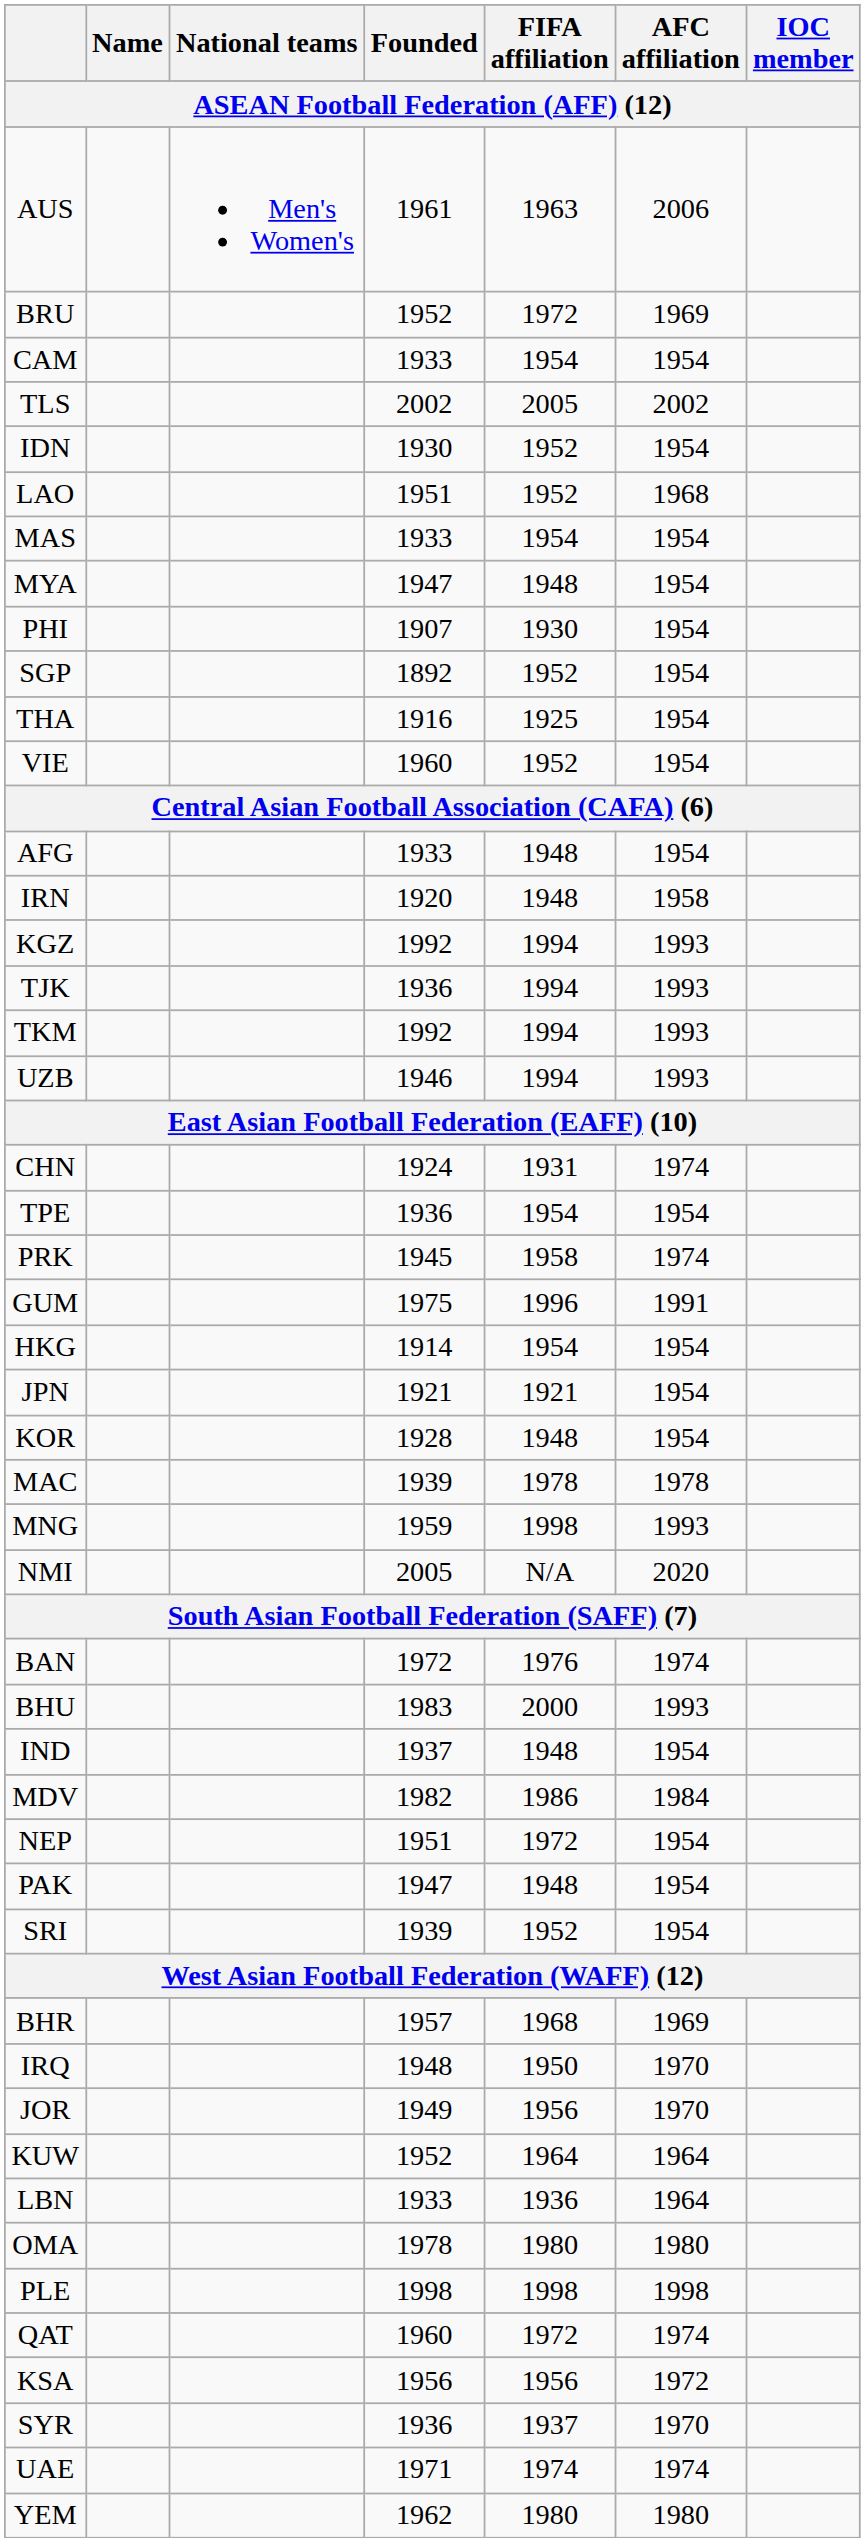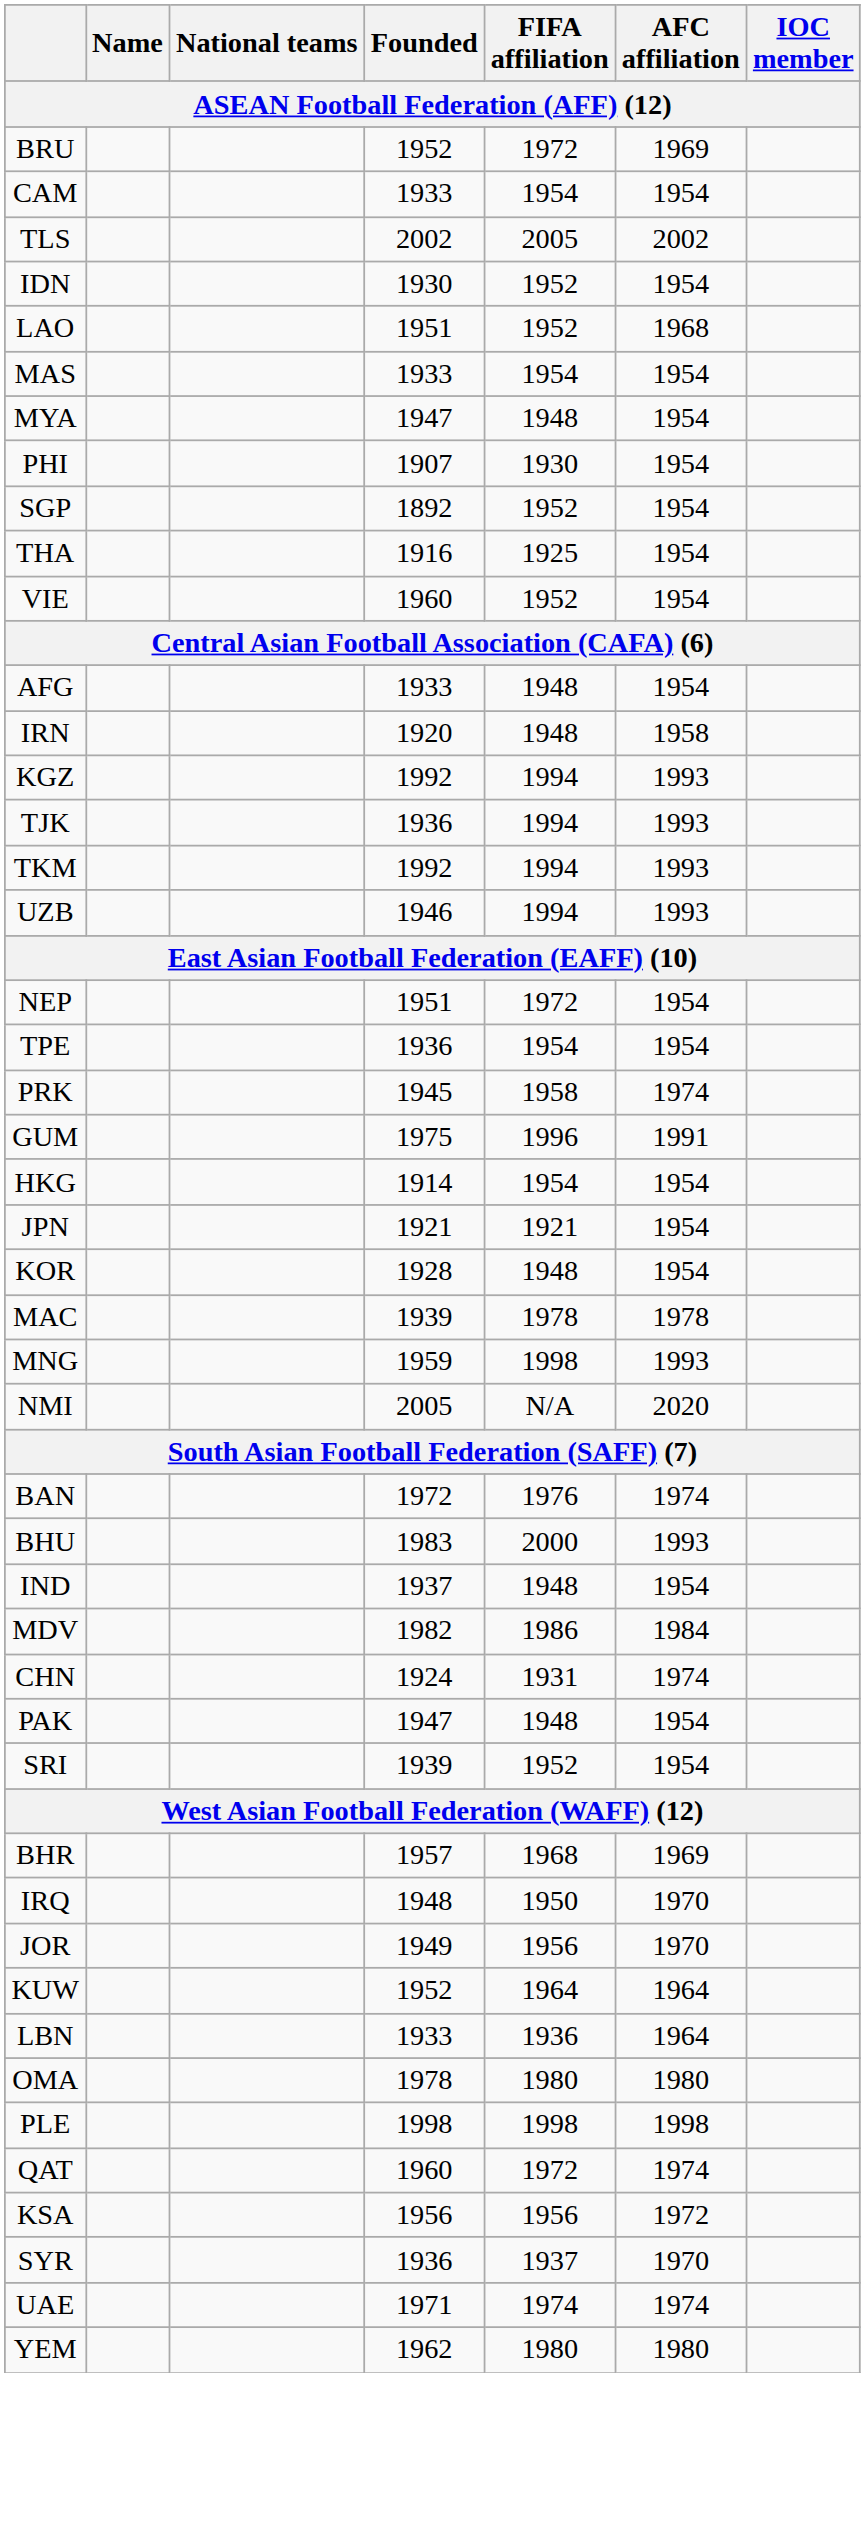 <table class="wikitable sortable" style="text-align:center;">
 <tr>
 <th><a href='#'></a></th>
 <th>Name</th>
 <th class="unsortable">National teams</th>
 <th>Founded</th>
 <th>FIFA<br>affiliation</th>
 <th>AFC<br>affiliation</th>
 <th><a href='#'>IOC</a><br><a href='#'>member</a></th>
 </tr>
 <tr>
 <th colspan="7"><a href='#'>ASEAN Football Federation (AFF)</a> (12)</th>
-</tr>
-<tr>
-<td>AUS</td>
-<td style="text-align:left;"></td>
-<td><ul><br><li><a href='#'>Men's</a></li> <li><a href='#'>Women's</a></li> </ul></td>
-<td>1961</td>
-<td>1963</td>
-<td>2006</td>
-<td></td>
 </tr>
 <tr>
 <td>BRU</td>
 <td style="text-align:left;"></td>
 <td></td>
 <td>1952</td>
 <td>1972</td>
 <td>1969</td>
 <td></td>
 </tr>
 <tr>
 <td>CAM</td>
 <td style="text-align:left;"></td>
 <td></td>
 <td>1933</td>
 <td>1954</td>
 <td>1954</td>
 <td></td>
 </tr>
 <tr>
 <td>TLS</td>
 <td style="text-align:left;"></td>
 <td></td>
 <td>2002</td>
 <td>2005</td>
 <td>2002</td>
 <td></td>
 </tr>
 <tr>
 <td>IDN</td>
 <td style="text-align:left;"></td>
 <td></td>
 <td>1930</td>
 <td>1952</td>
 <td>1954</td>
 <td></td>
 </tr>
 <tr>
 <td>LAO</td>
 <td style="text-align:left;"></td>
 <td></td>
 <td>1951</td>
 <td>1952</td>
 <td>1968</td>
 <td></td>
 </tr>
 <tr>
 <td>MAS</td>
 <td style="text-align:left;"></td>
 <td></td>
 <td>1933</td>
 <td>1954</td>
 <td>1954</td>
 <td></td>
 </tr>
 <tr>
 <td>MYA</td>
 <td style="text-align:left;"></td>
 <td></td>
 <td>1947</td>
 <td>1948</td>
 <td>1954</td>
 <td></td>
 </tr>
 <tr>
 <td>PHI</td>
 <td style="text-align:left;"></td>
 <td></td>
 <td>1907</td>
 <td>1930</td>
 <td>1954</td>
 <td></td>
 </tr>
 <tr>
 <td>SGP</td>
 <td style="text-align:left;"></td>
 <td></td>
 <td>1892</td>
 <td>1952</td>
 <td>1954</td>
 <td></td>
 </tr>
 <tr>
 <td>THA</td>
 <td style="text-align:left;"></td>
 <td></td>
 <td>1916</td>
 <td>1925</td>
 <td>1954</td>
 <td></td>
 </tr>
 <tr>
 <td>VIE</td>
 <td style="text-align:left;"></td>
 <td></td>
 <td>1960</td>
 <td>1952</td>
 <td>1954</td>
 <td></td>
 </tr>
 <tr>
 <th colspan="7"><a href='#'>Central Asian Football Association (CAFA)</a> (6)</th>
 </tr>
 <tr>
 <td>AFG</td>
 <td style="text-align:left;"></td>
 <td></td>
 <td>1933</td>
 <td>1948</td>
 <td>1954</td>
 <td></td>
 </tr>
 <tr>
 <td>IRN</td>
 <td style="text-align:left;"></td>
 <td></td>
 <td>1920</td>
 <td>1948</td>
 <td>1958</td>
 <td></td>
 </tr>
 <tr>
 <td>KGZ</td>
 <td style="text-align:left;"></td>
 <td></td>
 <td>1992</td>
 <td>1994</td>
 <td>1993</td>
 <td></td>
 </tr>
 <tr>
 <td>TJK</td>
 <td style="text-align:left;"></td>
 <td></td>
 <td>1936</td>
 <td>1994</td>
 <td>1993</td>
 <td></td>
 </tr>
 <tr>
 <td>TKM</td>
 <td style="text-align:left;"></td>
 <td></td>
 <td>1992</td>
 <td>1994</td>
 <td>1993</td>
 <td></td>
 </tr>
 <tr>
 <td>UZB</td>
 <td style="text-align:left;"></td>
 <td></td>
 <td>1946</td>
 <td>1994</td>
 <td>1993</td>
 <td></td>
 </tr>
 <tr>
 <th colspan="7"><a href='#'>East Asian Football Federation (EAFF)</a> (10)</th>
 </tr>
 <tr>
-<td>CHN</td>
+<td>NEP</td>
 <td style="text-align:left;"></td>
 <td></td>
-<td>1924</td>
-<td>1931</td>
-<td>1974</td>
+<td>1951</td>
+<td>1972</td>
+<td>1954</td>
 <td></td>
 </tr>
 <tr>
 <td>TPE</td>
 <td style="text-align:left;"></td>
 <td></td>
 <td>1936</td>
 <td>1954</td>
 <td>1954</td>
 <td></td>
 </tr>
 <tr>
 <td>PRK</td>
 <td style="text-align:left;"></td>
 <td></td>
 <td>1945</td>
 <td>1958</td>
 <td>1974</td>
 <td></td>
 </tr>
 <tr>
 <td>GUM</td>
 <td style="text-align:left;"></td>
 <td></td>
 <td>1975</td>
 <td>1996</td>
 <td>1991</td>
 <td></td>
 </tr>
 <tr>
 <td>HKG</td>
 <td style="text-align:left;"></td>
 <td></td>
 <td>1914</td>
 <td>1954</td>
 <td>1954</td>
 <td></td>
 </tr>
 <tr>
 <td>JPN</td>
 <td style="text-align:left;"></td>
 <td></td>
 <td>1921</td>
 <td>1921</td>
 <td>1954</td>
 <td></td>
 </tr>
 <tr>
 <td>KOR</td>
 <td style="text-align:left;"></td>
 <td></td>
 <td>1928</td>
 <td>1948</td>
 <td>1954</td>
 <td></td>
 </tr>
 <tr>
 <td>MAC</td>
 <td style="text-align:left;"></td>
 <td></td>
 <td>1939</td>
 <td>1978</td>
 <td>1978</td>
 <td></td>
 </tr>
 <tr>
 <td>MNG</td>
 <td style="text-align:left;"></td>
 <td></td>
 <td>1959</td>
 <td>1998</td>
 <td>1993</td>
 <td></td>
 </tr>
 <tr>
 <td>NMI</td>
 <td style="text-align:left;"></td>
 <td></td>
 <td>2005</td>
 <td>N/A</td>
 <td>2020</td>
 <td></td>
 </tr>
 <tr>
 <th colspan="7"><a href='#'>South Asian Football Federation (SAFF)</a> (7)</th>
 </tr>
 <tr>
 <td>BAN</td>
 <td style="text-align:left;"></td>
 <td></td>
 <td>1972</td>
 <td>1976</td>
 <td>1974</td>
 <td></td>
 </tr>
 <tr>
 <td>BHU</td>
 <td style="text-align:left;"></td>
 <td></td>
 <td>1983</td>
 <td>2000</td>
 <td>1993</td>
 <td></td>
 </tr>
 <tr>
 <td>IND</td>
 <td style="text-align:left;"></td>
 <td></td>
 <td>1937</td>
 <td>1948</td>
 <td>1954</td>
 <td></td>
 </tr>
 <tr>
 <td>MDV</td>
 <td style="text-align:left;"></td>
 <td></td>
 <td>1982</td>
 <td>1986</td>
 <td>1984</td>
 <td></td>
 </tr>
 <tr>
-<td>NEP</td>
+<td>CHN</td>
 <td style="text-align:left;"></td>
 <td></td>
-<td>1951</td>
-<td>1972</td>
-<td>1954</td>
+<td>1924</td>
+<td>1931</td>
+<td>1974</td>
 <td></td>
 </tr>
 <tr>
 <td>PAK</td>
 <td style="text-align:left;"></td>
 <td></td>
 <td>1947</td>
 <td>1948</td>
 <td>1954</td>
 <td></td>
 </tr>
 <tr>
 <td>SRI</td>
 <td style="text-align:left;"></td>
 <td></td>
 <td>1939</td>
 <td>1952</td>
 <td>1954</td>
 <td></td>
 </tr>
 <tr>
 <th colspan="7"><a href='#'>West Asian Football Federation (WAFF)</a> (12)</th>
 </tr>
 <tr>
 <td>BHR</td>
 <td style="text-align:left;"></td>
 <td></td>
 <td>1957</td>
 <td>1968</td>
 <td>1969</td>
 <td></td>
 </tr>
 <tr>
 <td>IRQ</td>
 <td style="text-align:left;"></td>
 <td></td>
 <td>1948</td>
 <td>1950</td>
 <td>1970</td>
 <td></td>
 </tr>
 <tr>
 <td>JOR</td>
 <td style="text-align:left;"></td>
 <td></td>
 <td>1949</td>
 <td>1956</td>
 <td>1970</td>
 <td></td>
 </tr>
 <tr>
 <td>KUW</td>
 <td style="text-align:left;"></td>
 <td></td>
 <td>1952</td>
 <td>1964</td>
 <td>1964</td>
 <td></td>
 </tr>
 <tr>
 <td>LBN</td>
 <td style="text-align:left;"></td>
 <td></td>
 <td>1933</td>
 <td>1936</td>
 <td>1964</td>
 <td></td>
 </tr>
 <tr>
 <td>OMA</td>
 <td style="text-align:left;"></td>
 <td></td>
 <td>1978</td>
 <td>1980</td>
 <td>1980</td>
 <td></td>
 </tr>
 <tr>
 <td>PLE</td>
 <td style="text-align:left;"></td>
 <td></td>
 <td>1998</td>
 <td>1998</td>
 <td>1998</td>
 <td></td>
 </tr>
 <tr>
 <td>QAT</td>
 <td style="text-align:left;"></td>
 <td></td>
 <td>1960</td>
 <td>1972</td>
 <td>1974</td>
 <td></td>
 </tr>
 <tr>
 <td>KSA</td>
 <td style="text-align:left;"></td>
 <td></td>
 <td>1956</td>
 <td>1956</td>
 <td>1972</td>
 <td></td>
 </tr>
 <tr>
 <td>SYR</td>
 <td style="text-align:left;"></td>
 <td></td>
 <td>1936</td>
 <td>1937</td>
 <td>1970</td>
 <td></td>
 </tr>
 <tr>
 <td>UAE</td>
 <td style="text-align:left;"></td>
 <td></td>
 <td>1971</td>
 <td>1974</td>
 <td>1974</td>
 <td></td>
 </tr>
 <tr>
 <td>YEM</td>
 <td style="text-align:left;"></td>
 <td></td>
 <td>1962</td>
 <td>1980</td>
 <td>1980</td>
 <td></td>
 </tr>
 </table>
